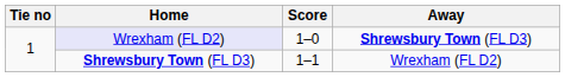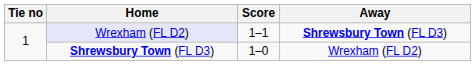 <table class="wikitable" style="text-align:center">
 <tr>
 <th width=50>Tie no</th>
 <th width=250>Home</th>
 <th width=50>Score</th>
 <th width=250>Away</th>
 </tr>
 <tr>
 <td rowspan=2>1</td>
 <td style="background: lavender;"><a href='#'>Wrexham</a> (<a href='#'>FL D2</a>)</td>
-<td>1–0</td>
+<td>1–1</td>
 <td><strong><a href='#'>Shrewsbury Town</a></strong> (<a href='#'>FL D3</a>)</td>
 </tr>
 <tr>
 <td><strong><a href='#'>Shrewsbury Town</a></strong> (<a href='#'>FL D3</a>)</td>
-<td>1–1</td>
+<td>1–0</td>
 <td><a href='#'>Wrexham</a> (<a href='#'>FL D2</a>)</td>
 </tr>
 </table>
